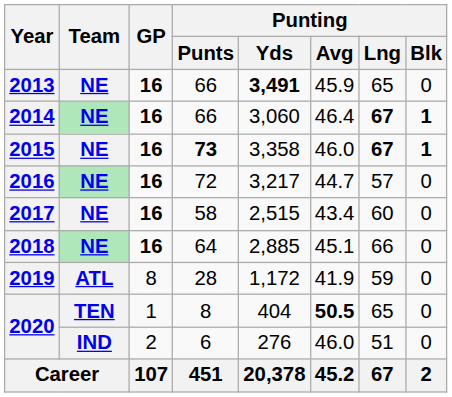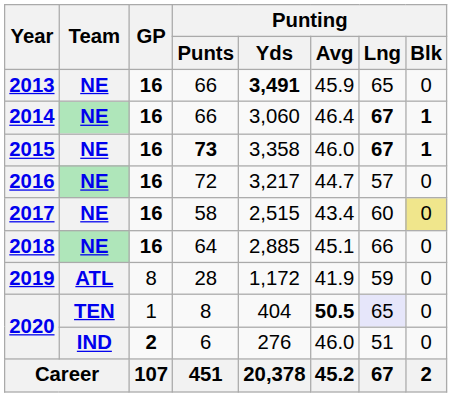 <table class="wikitable" style="text-align:center;">
 <tr>
 <th rowspan="2">Year</th>
 <th rowspan="2">Team</th>
 <th rowspan="2">GP</th>
 <th colspan="5">Punting</th>
 </tr>
 <tr>
 <th>Punts</th>
 <th>Yds</th>
 <th>Avg</th>
 <th>Lng</th>
 <th>Blk</th>
 </tr>
 <tr>
 <th><a href='#'>2013</a></th>
 <th><a href='#'>NE</a></th>
 <td><strong>16</strong></td>
 <td>66</td>
 <td><strong>3,491</strong></td>
 <td>45.9</td>
 <td>65</td>
 <td>0</td>
 </tr>
 <tr>
 <th><a href='#'>2014</a></th>
 <th style="background:#afe6ba; width:3em;"><a href='#'>NE</a></th>
 <td><strong>16</strong></td>
 <td>66</td>
 <td>3,060</td>
 <td>46.4</td>
 <td><strong>67</strong></td>
 <td><strong>1</strong></td>
 </tr>
 <tr>
 <th><a href='#'>2015</a></th>
 <th><a href='#'>NE</a></th>
 <td><strong>16</strong></td>
 <td><strong>73</strong></td>
 <td>3,358</td>
 <td>46.0</td>
 <td><strong>67</strong></td>
 <td><strong>1</strong></td>
 </tr>
 <tr>
 <th><a href='#'>2016</a></th>
 <th style="background:#afe6ba; width:3em;"><a href='#'>NE</a></th>
 <td><strong>16</strong></td>
 <td>72</td>
 <td>3,217</td>
 <td>44.7</td>
 <td>57</td>
 <td>0</td>
 </tr>
 <tr>
 <th><a href='#'>2017</a></th>
 <th><a href='#'>NE</a></th>
 <td><strong>16</strong></td>
 <td>58</td>
 <td>2,515</td>
 <td>43.4</td>
 <td>60</td>
-<td>0</td>
+<td style="background: khaki;">0</td>
 </tr>
 <tr>
 <th><a href='#'>2018</a></th>
 <th style="background:#afe6ba; width:3em;"><a href='#'>NE</a></th>
 <td><strong>16</strong></td>
 <td>64</td>
 <td>2,885</td>
 <td>45.1</td>
 <td>66</td>
 <td>0</td>
 </tr>
 <tr>
 <th><a href='#'>2019</a></th>
 <th><a href='#'>ATL</a></th>
 <td>8</td>
 <td>28</td>
 <td>1,172</td>
 <td>41.9</td>
 <td>59</td>
 <td>0</td>
 </tr>
 <tr>
 <th rowspan="2"><a href='#'>2020</a></th>
 <th><a href='#'>TEN</a></th>
 <td>1</td>
 <td>8</td>
 <td>404</td>
 <td><strong>50.5</strong></td>
-<td>65</td>
+<td style="background: lavender;">65</td>
 <td>0</td>
 </tr>
 <tr>
 <th><a href='#'>IND</a></th>
-<td>2</td>
+<td><strong>2</strong></td>
 <td>6</td>
 <td>276</td>
 <td>46.0</td>
 <td>51</td>
 <td>0</td>
 </tr>
 <tr>
 <th colspan="2">Career</th>
 <th>107</th>
 <th>451</th>
 <th>20,378</th>
 <th>45.2</th>
 <th>67</th>
 <th>2</th>
 </tr>
 </table>
